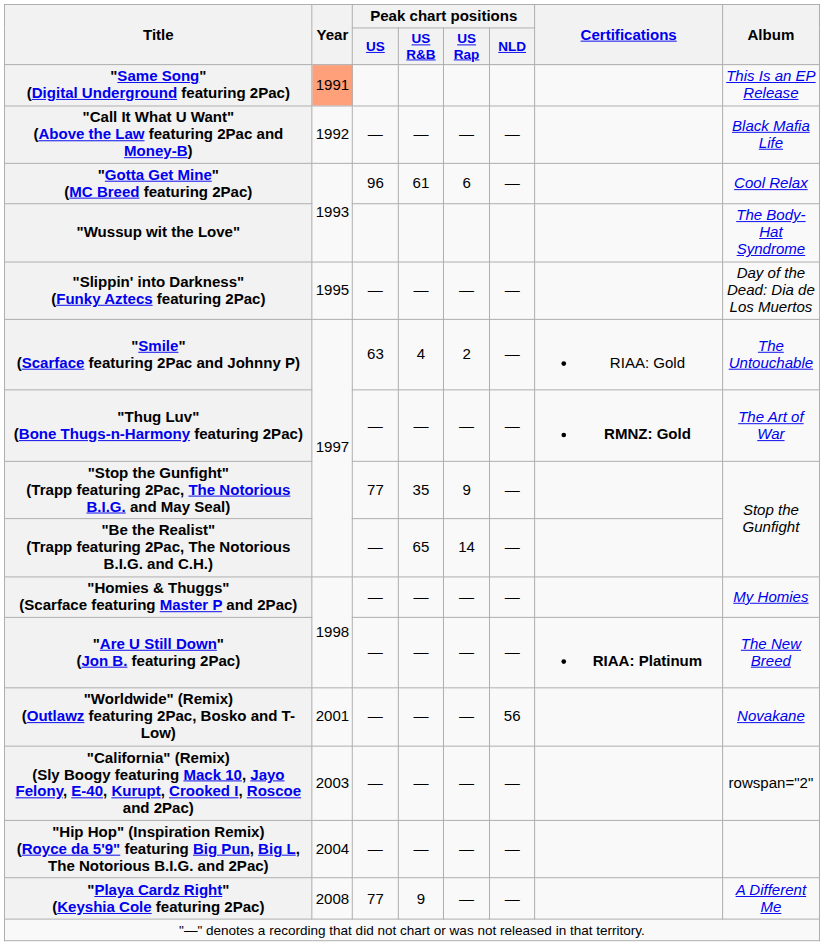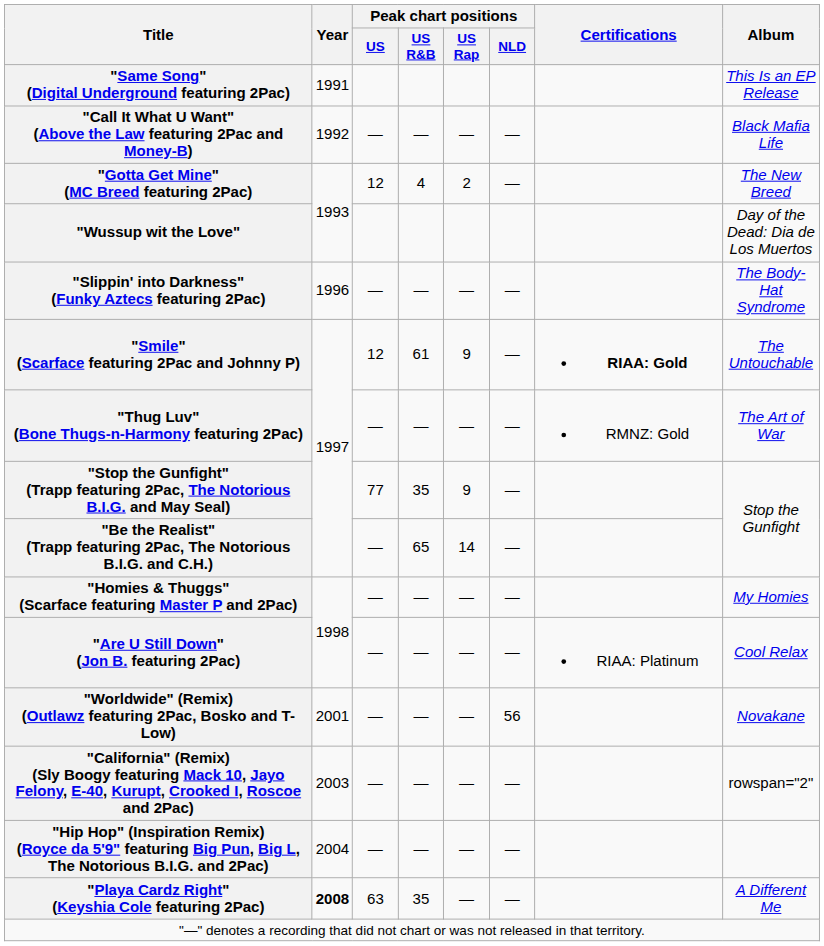 <table class="wikitable plainrowheaders" style="text-align:center;">
 <tr>
 <th scope="col" rowspan="2" style="width:20em;">Title</th>
 <th scope="col" rowspan="2">Year</th>
 <th scope="col" colspan="4">Peak chart positions</th>
 <th scope="col" rowspan="2" style="width:12em;"><a href='#'>Certifications</a></th>
 <th scope="col" rowspan="2">Album</th>
 </tr>
 <tr>
 <th scope="col" style="width:2.9em;font-size:90%;"><a href='#'>US</a><br></th>
 <th scope="col" style="width:2.9em;font-size:90%;"><a href='#'>US<br>R&B</a><br></th>
 <th scope="col" style="width:2.9em;font-size:90%;"><a href='#'>US<br>Rap</a><br></th>
 <th scope="col" style="width:2.9em;font-size:90%;"><a href='#'>NLD</a><br></th>
 </tr>
 <tr>
 <th scope="row">"<a href='#'>Same Song</a>"<br><span> (<a href='#'>Digital Underground</a> featuring 2Pac)</span></th>
-<td style="background: lightsalmon;">1991</td>
+<td>1991</td>
 <td></td>
 <td></td>
 <td></td>
 <td></td>
 <td></td>
 <td><em><a href='#'>This Is an EP Release</a></em></td>
 </tr>
 <tr>
 <th scope="row">"Call It What U Want"<br><span>(<a href='#'>Above the Law</a> featuring 2Pac and <a href='#'>Money-B</a>)</span></th>
 <td>1992</td>
 <td>—</td>
 <td>—</td>
 <td>—</td>
 <td>—</td>
 <td></td>
 <td><em><a href='#'>Black Mafia Life</a></em></td>
 </tr>
 <tr>
 <th scope="row">"<a href='#'>Gotta Get Mine</a>"<br><span>(<a href='#'>MC Breed</a> featuring 2Pac)</span></th>
 <td rowspan="2">1993</td>
-<td>96</td>
-<td>61</td>
-<td>6</td>
+<td>12</td>
+<td>4</td>
+<td>2</td>
 <td>—</td>
 <td></td>
-<td><em><a href='#'>Cool Relax</a></em></td>
+<td><em><a href='#'>The New Breed</a></em></td>
 </tr>
 <tr>
 <th scope="row">"Wussup wit the Love"</th>
 <td></td>
 <td></td>
 <td></td>
 <td></td>
 <td></td>
-<td><em><a href='#'>The Body-Hat Syndrome</a></em></td>
+<td><em>Day of the Dead: Dia de Los Muertos</em></td>
 </tr>
 <tr>
 <th scope="row">"Slippin' into Darkness"<br><span>(<a href='#'>Funky Aztecs</a> featuring 2Pac)</span></th>
-<td>1995</td>
+<td>1996</td>
 <td>—</td>
 <td>—</td>
 <td>—</td>
 <td>—</td>
 <td></td>
-<td><em>Day of the Dead: Dia de Los Muertos</em></td>
+<td><em><a href='#'>The Body-Hat Syndrome</a></em></td>
 </tr>
 <tr>
 <th scope="row">"<a href='#'>Smile</a>"<br><span>(<a href='#'>Scarface</a> featuring 2Pac and Johnny P)</span></th>
 <td rowspan="4">1997</td>
-<td>63</td>
-<td>4</td>
-<td>2</td>
+<td>12</td>
+<td>61</td>
+<td>9</td>
 <td>—</td>
-<td><br><ul><li>RIAA: Gold</li></ul></td>
+<td><strong><br><ul><li>RIAA: Gold</li></ul></strong></td>
 <td><em><a href='#'>The Untouchable</a></em></td>
 </tr>
 <tr>
 <th scope="row">"Thug Luv"<br><span>(<a href='#'>Bone Thugs-n-Harmony</a> featuring 2Pac)</span></th>
 <td>—</td>
 <td>—</td>
 <td>—</td>
 <td>—</td>
-<td><strong><br><ul><li>RMNZ: Gold</li></ul></strong></td>
+<td><br><ul><li>RMNZ: Gold</li></ul></td>
 <td><em><a href='#'>The Art of War</a></em></td>
 </tr>
 <tr>
 <th scope="row">"Stop the Gunfight"<br><span>(Trapp featuring 2Pac, <a href='#'>The Notorious B.I.G.</a> and May Seal)</span></th>
 <td>77</td>
 <td>35</td>
 <td>9</td>
 <td>—</td>
 <td></td>
 <td rowspan="2"><em>Stop the Gunfight</em></td>
 </tr>
 <tr>
 <th scope="row">"Be the Realist"<br><span>(Trapp featuring 2Pac, The Notorious B.I.G. and C.H.)</span></th>
 <td>—</td>
 <td>65</td>
 <td>14</td>
 <td>—</td>
 <td></td>
 </tr>
 <tr>
 <th scope="row">"Homies & Thuggs"<br><span>(Scarface featuring <a href='#'>Master P</a> and 2Pac)</span></th>
 <td rowspan="2">1998</td>
 <td>—</td>
 <td>—</td>
 <td>—</td>
 <td>—</td>
 <td></td>
 <td><em><a href='#'>My Homies</a></em></td>
 </tr>
 <tr>
 <th scope="row">"<a href='#'>Are U Still Down</a>"<br><span>(<a href='#'>Jon B.</a> featuring 2Pac)</span></th>
 <td>—</td>
 <td>—</td>
 <td>—</td>
 <td>—</td>
-<td><strong><br><ul><li>RIAA: Platinum</li></ul></strong></td>
-<td><em><a href='#'>The New Breed</a></em></td>
+<td><br><ul><li>RIAA: Platinum</li></ul></td>
+<td><em><a href='#'>Cool Relax</a></em></td>
 </tr>
 <tr>
 <th scope="row">"Worldwide" (Remix)<br><span>(<a href='#'>Outlawz</a> featuring 2Pac, Bosko and T-Low)</span></th>
 <td>2001</td>
 <td>—</td>
 <td>—</td>
 <td>—</td>
 <td>56</td>
 <td></td>
 <td><em><a href='#'>Novakane</a></em></td>
 </tr>
 <tr>
 <th scope="row">"California" (Remix)<br><span>(Sly Boogy featuring <a href='#'>Mack 10</a>, <a href='#'>Jayo Felony</a>, <a href='#'>E-40</a>, <a href='#'>Kurupt</a>, <a href='#'>Crooked I</a>, <a href='#'>Roscoe</a> and 2Pac)</span></th>
 <td>2003</td>
 <td>—</td>
 <td>—</td>
 <td>—</td>
 <td>—</td>
 <td></td>
 <td>rowspan="2" </td>
 </tr>
 <tr>
 <th scope="row">"Hip Hop" (Inspiration Remix)<br><span>(<a href='#'>Royce da 5'9"</a> featuring <a href='#'>Big Pun</a>, <a href='#'>Big L</a>, The Notorious B.I.G. and 2Pac)</span></th>
 <td>2004</td>
 <td>—</td>
 <td>—</td>
 <td>—</td>
 <td>—</td>
 <td></td>
 </tr>
 <tr>
 <th scope="row">"<a href='#'>Playa Cardz Right</a>"<br><span>(<a href='#'>Keyshia Cole</a> featuring 2Pac)</span></th>
-<td>2008</td>
-<td>77</td>
-<td>9</td>
+<td><strong>2008</strong></td>
+<td>63</td>
+<td>35</td>
 <td>—</td>
 <td>—</td>
 <td></td>
 <td><em><a href='#'>A Different Me</a></em></td>
 </tr>
 <tr>
 <td colspan="14" style="font-size:90%">"—" denotes a recording that did not chart or was not released in that territory.</td>
 </tr>
 </table>
